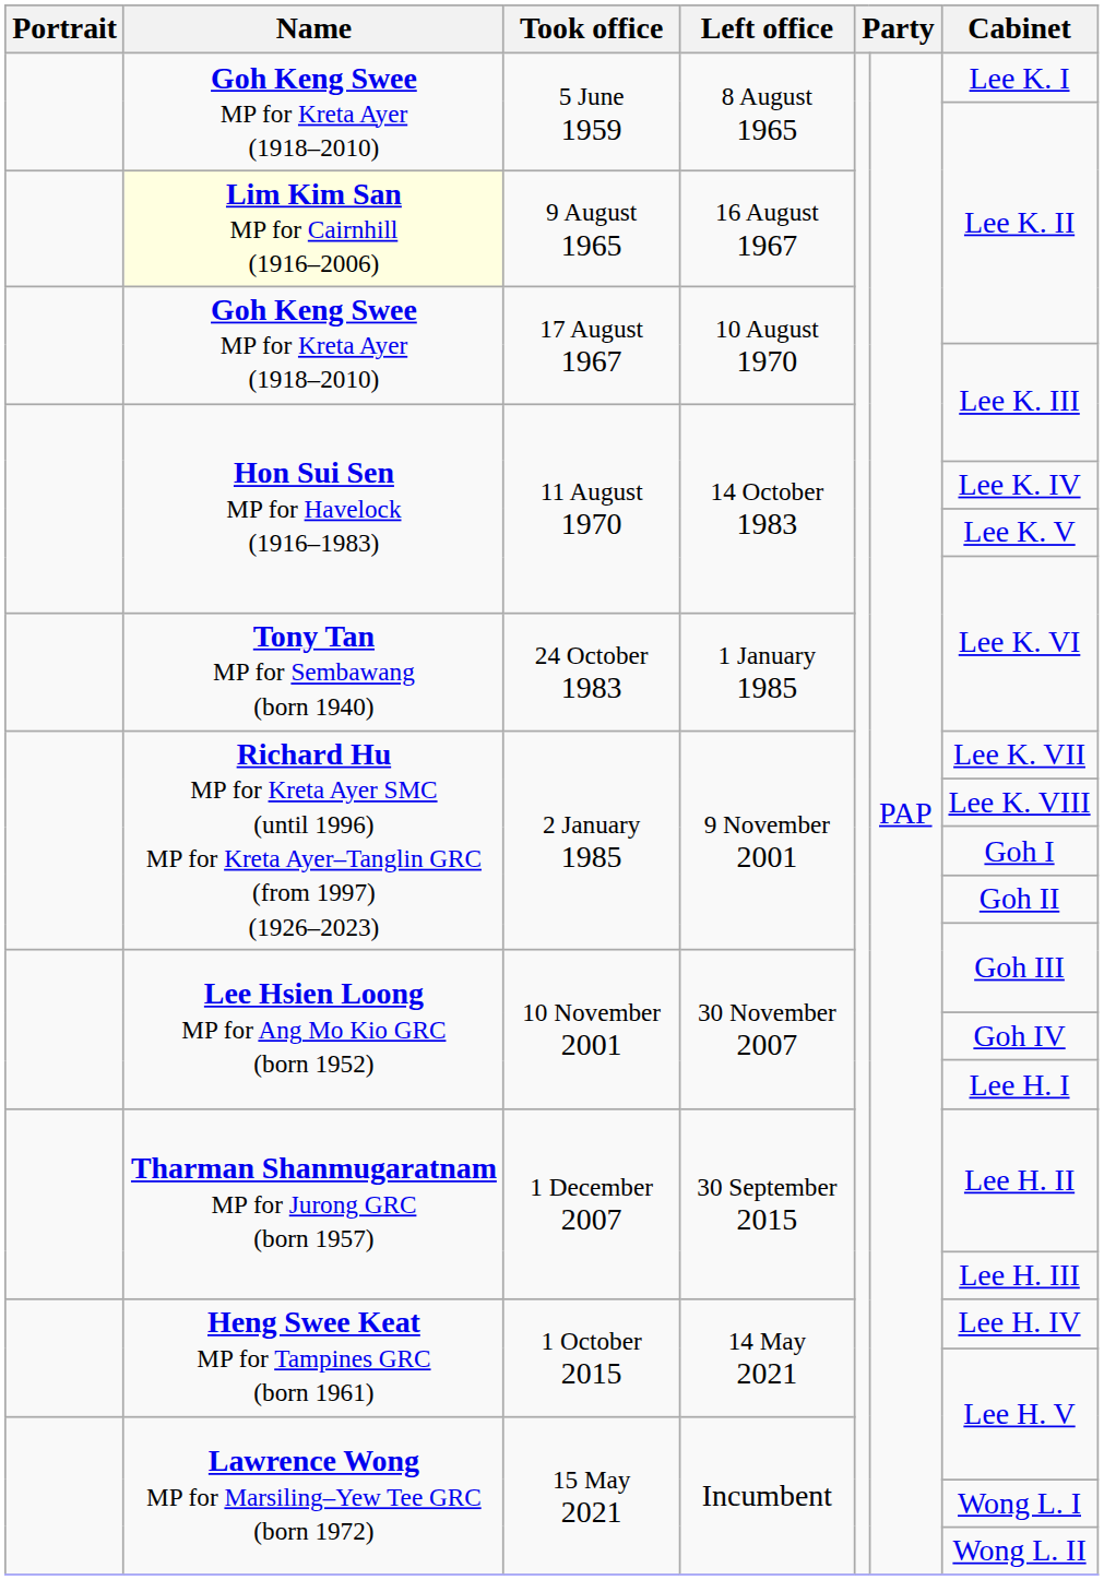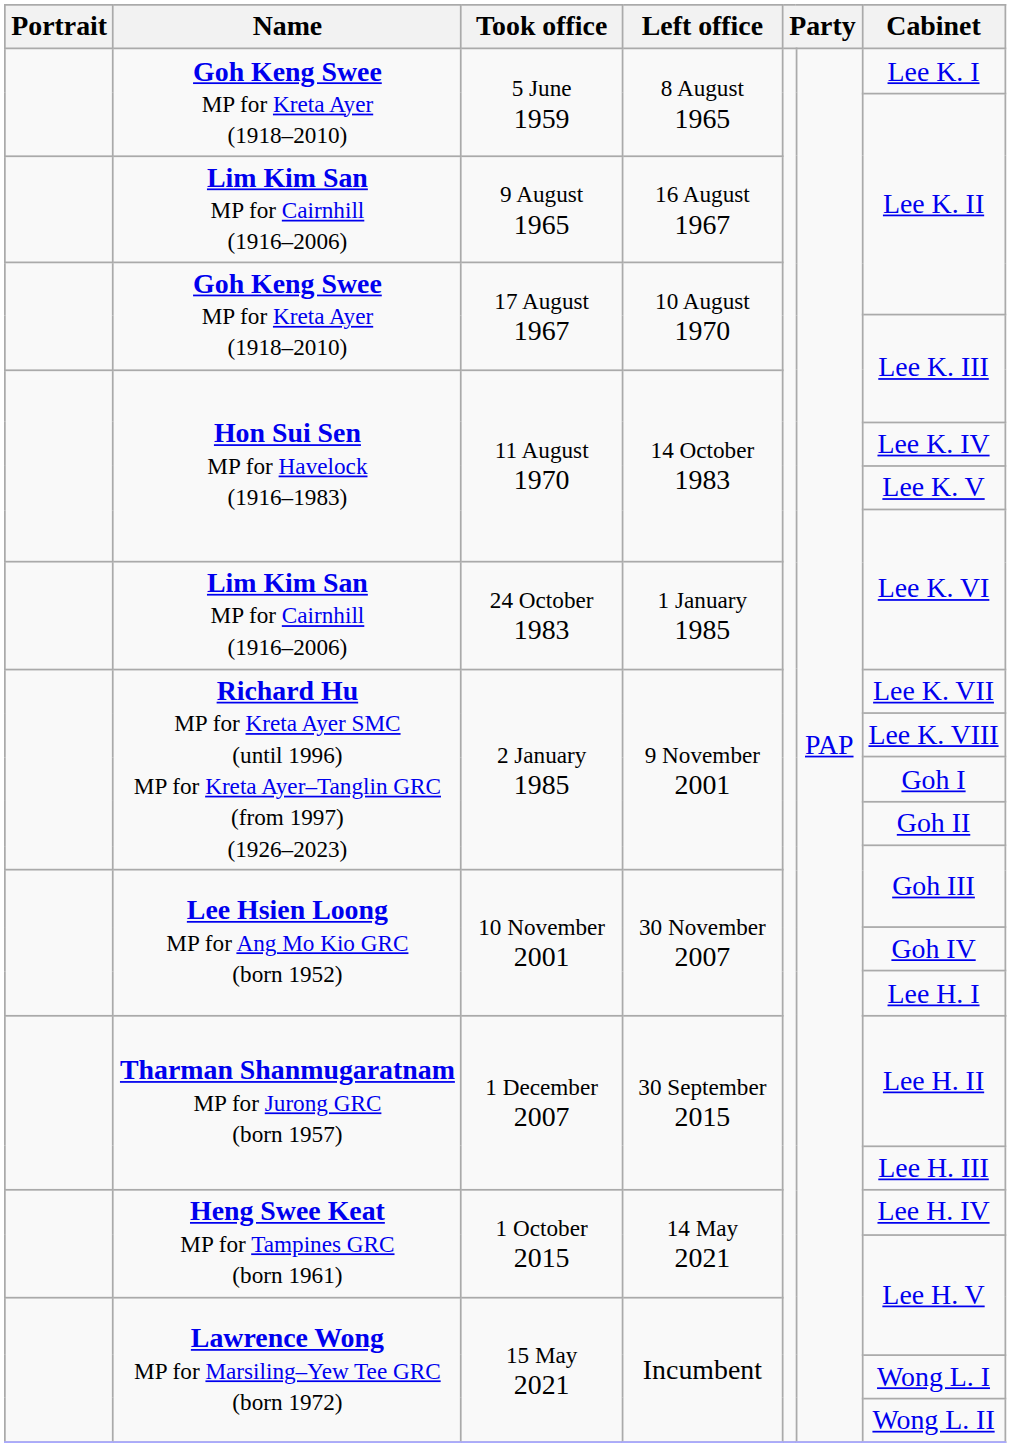 <table class="wikitable" style="text-align:center; border:1px #aaf solid;">
 <tr>
 <th>Portrait</th>
 <th>Name<br></th>
 <th width="85">Took office</th>
 <th width="85">Left office</th>
 <th colspan="2">Party</th>
 <th>Cabinet</th>
 </tr>
 <tr>
 <td rowspan="2"></td>
 <td rowspan="2"><strong><a href='#'>Goh Keng Swee</a></strong><br><small>MP for <a href='#'>Kreta Ayer</a></small><br><small>(1918–2010)</small></td>
 <td rowspan="2"><small>5 June</small><br>1959</td>
 <td rowspan="2"><small>8 August</small><br>1965</td>
 <td rowspan="26" style="background:"></td>
 <td rowspan="26"><a href='#'>PAP</a></td>
 <td><a href='#'>Lee K. I</a></td>
 </tr>
 <tr>
 <td rowspan="3"><a href='#'>Lee K. II</a></td>
 </tr>
 <tr>
 <td></td>
-<td style="background: lightyellow;"><strong><a href='#'>Lim Kim San</a></strong><br><small>MP for <a href='#'>Cairnhill</a></small><br><small>(1916–2006)</small></td>
+<td><strong><a href='#'>Lim Kim San</a></strong><br><small>MP for <a href='#'>Cairnhill</a></small><br><small>(1916–2006)</small></td>
 <td><small>9 August</small><br>1965</td>
 <td><small>16 August</small><br>1967</td>
 </tr>
 <tr style="height:30px;">
 <td rowspan="2"></td>
 <td rowspan="2"><strong><a href='#'>Goh Keng Swee</a></strong><br><small>MP for <a href='#'>Kreta Ayer</a></small><br><small>(1918–2010)</small></td>
 <td rowspan="2"><small>17 August</small><br>1967</td>
 <td rowspan="2"><small>10 August</small><br>1970</td>
 </tr>
 <tr>
 <td rowspan="2"><a href='#'>Lee K. III</a></td>
 </tr>
 <tr style="height:30px;">
 <td rowspan="4"></td>
 <td rowspan="4"><strong><a href='#'>Hon Sui Sen</a></strong><br><small>MP for <a href='#'>Havelock</a></small><br><small>(1916–1983)</small></td>
 <td rowspan="4"><small>11 August</small><br>1970</td>
 <td rowspan="4"><small>14 October</small><br>1983</td>
 </tr>
 <tr>
 <td><a href='#'>Lee K. IV</a></td>
 </tr>
 <tr>
 <td><a href='#'>Lee K. V</a></td>
 </tr>
 <tr style="height:30px;">
 <td rowspan="2"><a href='#'>Lee K. VI</a></td>
 </tr>
 <tr>
 <td></td>
-<td><strong><a href='#'>Tony Tan</a></strong><br><small>MP for <a href='#'>Sembawang</a></small><br><small>(born 1940)</small></td>
+<td><strong><a href='#'>Lim Kim San</a></strong><br><small>MP for <a href='#'>Cairnhill</a></small><br><small>(1916–2006)</small></td>
 <td><small>24 October</small><br>1983</td>
 <td><small>1 January</small><br>1985</td>
 </tr>
 <tr>
 <td rowspan="5"></td>
 <td rowspan="5"><strong><a href='#'>Richard Hu</a></strong><br><small>MP for <a href='#'>Kreta Ayer SMC</a></small><br><small>(until 1996)</small><br><small>MP for <a href='#'>Kreta Ayer–Tanglin GRC</a></small><br><small>(from 1997)</small><br><small>(1926–2023)</small></td>
 <td rowspan="5"><small>2 January</small><br>1985</td>
 <td rowspan="5"><small>9 November</small><br>2001</td>
 <td><a href='#'>Lee K. VII</a></td>
 </tr>
 <tr>
 <td><a href='#'>Lee K. VIII</a></td>
 </tr>
 <tr>
 <td><a href='#'>Goh I</a></td>
 </tr>
 <tr>
 <td><a href='#'>Goh II</a></td>
 </tr>
 <tr>
 <td rowspan="2"><a href='#'>Goh III</a></td>
 </tr>
 <tr style="height:33px;">
 <td rowspan="4"></td>
 <td rowspan="4"><strong><a href='#'>Lee Hsien Loong</a></strong><br><small>MP for <a href='#'>Ang Mo Kio GRC</a></small><br><small>(born 1952)</small></td>
 <td rowspan="4"><small>10 November</small><br>2001</td>
 <td rowspan="4"><small>30 November</small><br>2007</td>
 </tr>
 <tr>
 <td><a href='#'>Goh IV</a></td>
 </tr>
 <tr>
 <td><a href='#'>Lee H. I</a></td>
 </tr>
 <tr>
 <td rowspan="2"><a href='#'>Lee H. II</a></td>
 </tr>
 <tr style="height:75px;">
 <td rowspan="2"></td>
 <td rowspan="2"><strong><a href='#'>Tharman Shanmugaratnam</a></strong><br><small>MP for <a href='#'>Jurong GRC</a></small><br><small>(born 1957)</small></td>
 <td rowspan="2"><small>1 December</small><br>2007</td>
 <td rowspan="2"><small>30 September</small><br>2015</td>
 </tr>
 <tr>
 <td><a href='#'>Lee H. III</a></td>
 </tr>
 <tr>
 <td rowspan="2"></td>
 <td rowspan="2"><strong><a href='#'>Heng Swee Keat</a></strong><br><small>MP for <a href='#'>Tampines GRC</a></small><br><small>(born 1961)</small></td>
 <td rowspan="2"><small>1 October</small><br>2015</td>
 <td rowspan="2"><small>14 May</small><br>2021</td>
 <td><a href='#'>Lee H. IV</a></td>
 </tr>
 <tr>
 <td rowspan="2"><a href='#'>Lee H. V</a></td>
 </tr>
 <tr style="height:33px;">
 <td rowspan="3"></td>
 <td rowspan="3"><strong><a href='#'>Lawrence Wong</a></strong><br><small>MP for <a href='#'>Marsiling–Yew Tee GRC</a></small><br><small>(born 1972)</small></td>
 <td rowspan="3"><small>15 May</small><br>2021</td>
 <td rowspan="3">Incumbent</td>
 </tr>
 <tr>
 <td><a href='#'>Wong L. I</a></td>
 </tr>
 <tr>
 <td><a href='#'>Wong L. II</a></td>
 </tr>
 <tr>
 </tr>
 </table>
